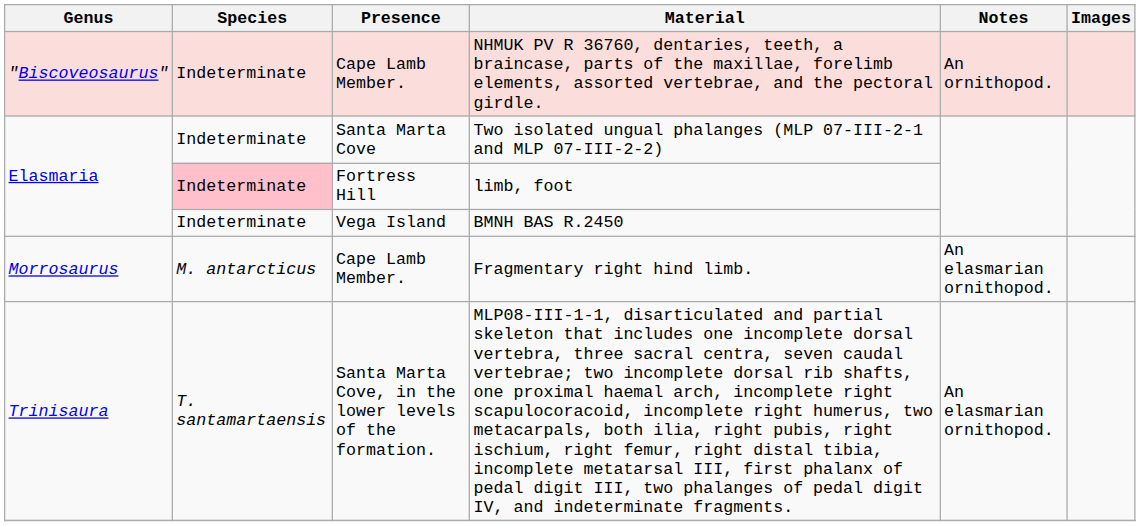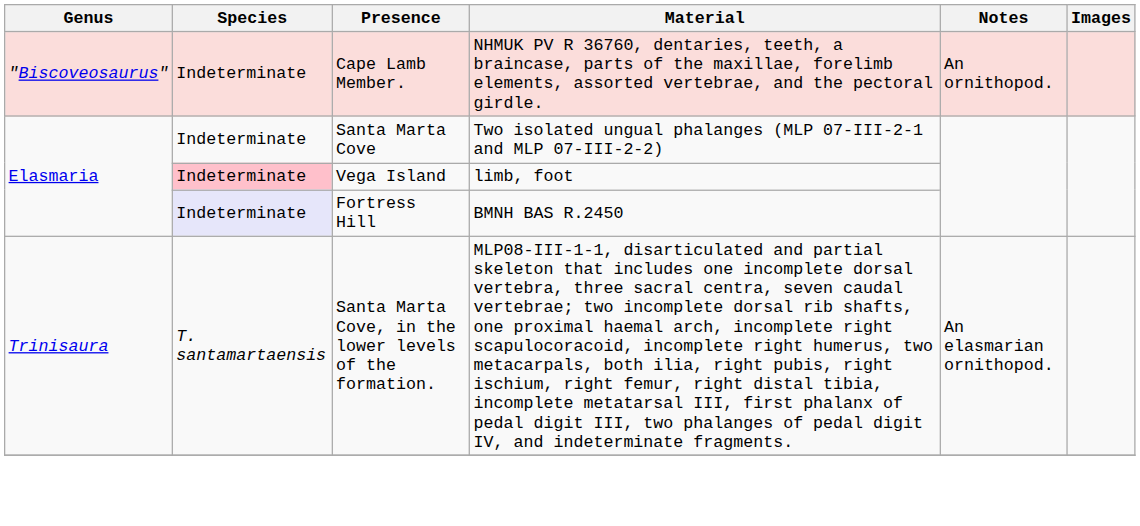 <table class="wikitable sortable"  style="margin:auto; width:100%;">
 <tr>
 <th>Genus</th>
 <th>Species</th>
 <th>Presence</th>
 <th>Material</th>
 <th>Notes</th>
 <th>Images</th>
 </tr>
 <tr>
 <td style="background:#fbdddb;"><em>"<a href='#'>Biscoveosaurus</a>"</em></td>
 <td style="background:#fbdddb;">Indeterminate</td>
 <td style="background:#fbdddb;">Cape Lamb Member.</td>
 <td style="background:#fbdddb;">NHMUK PV R 36760, dentaries, teeth, a braincase, parts of the maxillae, forelimb elements, assorted vertebrae, and the pectoral girdle.</td>
 <td style="background:#fbdddb;">An ornithopod.</td>
 <td style="background:#fbdddb;"></td>
 </tr>
 <tr>
 <td rowspan="3"><a href='#'>Elasmaria</a></td>
 <td>Indeterminate</td>
 <td>Santa Marta Cove</td>
 <td>Two isolated ungual phalanges (MLP 07-III-2-1 and MLP 07-III-2-2)</td>
 <td rowspan="3"></td>
 <td rowspan="3"></td>
 </tr>
 <tr>
 <td style="background: pink;">Indeterminate</td>
-<td>Fortress Hill</td>
+<td>Vega Island</td>
 <td>limb, foot</td>
 </tr>
 <tr>
-<td>Indeterminate</td>
-<td>Vega Island</td>
+<td style="background: lavender;">Indeterminate</td>
+<td>Fortress Hill</td>
 <td>BMNH BAS R.2450</td>
-</tr>
-<tr>
-<td><em><a href='#'>Morrosaurus</a></em></td>
-<td><em>M. antarcticus</em></td>
-<td>Cape Lamb Member.</td>
-<td>Fragmentary right hind limb.</td>
-<td>An elasmarian ornithopod.</td>
-<td></td>
 </tr>
 <tr>
 <td><em><a href='#'>Trinisaura</a></em></td>
 <td><em>T. santamartaensis</em></td>
 <td>Santa Marta Cove, in the lower levels of the formation.</td>
 <td>MLP08-III-1-1, disarticulated and partial skeleton that includes one incomplete dorsal vertebra, three sacral centra, seven caudal vertebrae; two incomplete dorsal rib shafts, one proximal haemal arch, incomplete right scapulocoracoid, incomplete right humerus, two metacarpals, both ilia, right pubis, right ischium, right femur, right distal tibia, incomplete metatarsal III, first phalanx of pedal digit III, two phalanges of pedal digit IV, and indeterminate fragments.</td>
 <td>An elasmarian ornithopod.</td>
 <td></td>
 </tr>
 <tr>
 </tr>
 </table>
